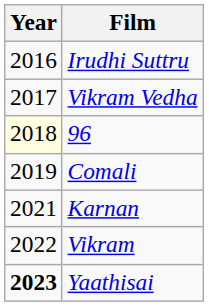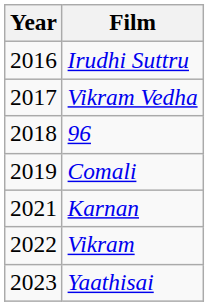 <table class="wikitable">
 <tr>
 <th>Year</th>
 <th>Film</th>
 </tr>
 <tr>
 <td>2016</td>
 <td><em><a href='#'>Irudhi Suttru</a></em></td>
 </tr>
 <tr>
 <td>2017</td>
 <td><em><a href='#'>Vikram Vedha</a></em></td>
 </tr>
 <tr>
-<td style="background: lightyellow;">2018</td>
+<td>2018</td>
 <td><em><a href='#'>96</a></em></td>
 </tr>
 <tr>
 <td>2019</td>
 <td><em><a href='#'>Comali</a></em></td>
 </tr>
 <tr>
 <td>2021</td>
 <td><em><a href='#'>Karnan</a></em></td>
 </tr>
 <tr>
 <td>2022</td>
 <td><em><a href='#'>Vikram</a></em></td>
 </tr>
 <tr>
-<td><strong>2023</strong></td>
+<td>2023</td>
 <td><em><a href='#'>Yaathisai</a></em></td>
 </tr>
 </table>
